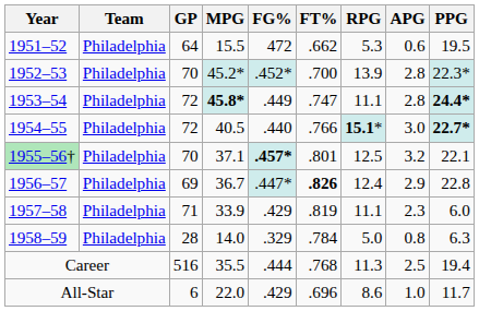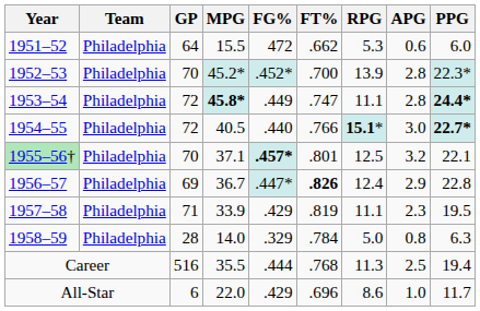 <table class="wikitable sortable" style="font-size:95%; text-align:right;">
 <tr>
 <th>Year</th>
 <th>Team</th>
 <th>GP</th>
 <th>MPG</th>
 <th>FG%</th>
 <th>FT%</th>
 <th>RPG</th>
 <th>APG</th>
 <th>PPG</th>
 </tr>
 <tr>
 <td style="text-align:left;"><a href='#'>1951–52</a></td>
 <td style="text-align:left;"><a href='#'>Philadelphia</a></td>
 <td>64</td>
 <td>15.5</td>
 <td>472</td>
 <td>.662</td>
 <td>5.3</td>
 <td>0.6</td>
-<td>19.5</td>
+<td>6.0</td>
 </tr>
 <tr>
 <td style="text-align:left;"><a href='#'>1952–53</a></td>
 <td style="text-align:left;"><a href='#'>Philadelphia</a></td>
 <td>70</td>
 <td style="background:#cfecec;">45.2*</td>
 <td style="background:#cfecec;">.452*</td>
 <td>.700</td>
 <td>13.9</td>
 <td>2.8</td>
 <td style="background:#cfecec;">22.3*</td>
 </tr>
 <tr>
 <td style="text-align:left;"><a href='#'>1953–54</a></td>
 <td style="text-align:left;"><a href='#'>Philadelphia</a></td>
 <td>72</td>
 <td style="background:#cfecec;"><strong>45.8*</strong></td>
 <td>.449</td>
 <td>.747</td>
 <td>11.1</td>
 <td>2.8</td>
 <td style="background:#cfecec;"><strong>24.4*</strong></td>
 </tr>
 <tr>
 <td style="text-align:left;"><a href='#'>1954–55</a></td>
 <td style="text-align:left;"><a href='#'>Philadelphia</a></td>
 <td>72</td>
 <td>40.5</td>
 <td>.440</td>
 <td>.766</td>
 <td style="background:#cfecec;"><strong>15.1</strong>*</td>
 <td>3.0</td>
 <td style="background:#cfecec;"><strong>22.7*</strong></td>
 </tr>
 <tr>
 <td style="text-align:left;background:#afe6ba;"><a href='#'>1955–56</a>†</td>
 <td style="text-align:left;"><a href='#'>Philadelphia</a></td>
 <td>70</td>
 <td>37.1</td>
 <td style="background:#cfecec;"><strong>.457*</strong></td>
 <td>.801</td>
 <td>12.5</td>
 <td>3.2</td>
 <td>22.1</td>
 </tr>
 <tr>
 <td style="text-align:left;"><a href='#'>1956–57</a></td>
 <td style="text-align:left;"><a href='#'>Philadelphia</a></td>
 <td>69</td>
 <td>36.7</td>
 <td style="background:#cfecec;">.447*</td>
 <td><strong>.826</strong></td>
 <td>12.4</td>
 <td>2.9</td>
 <td>22.8</td>
 </tr>
 <tr>
 <td style="text-align:left;"><a href='#'>1957–58</a></td>
 <td style="text-align:left;"><a href='#'>Philadelphia</a></td>
 <td>71</td>
 <td>33.9</td>
 <td>.429</td>
 <td>.819</td>
 <td>11.1</td>
 <td>2.3</td>
-<td>6.0</td>
+<td>19.5</td>
 </tr>
 <tr>
 <td style="text-align:left;"><a href='#'>1958–59</a></td>
 <td style="text-align:left;"><a href='#'>Philadelphia</a></td>
 <td>28</td>
 <td>14.0</td>
 <td>.329</td>
 <td>.784</td>
 <td>5.0</td>
 <td>0.8</td>
 <td>6.3</td>
 </tr>
 <tr class="sortbottom">
 <td colspan="2" style="text-align:center;">Career</td>
 <td>516</td>
 <td>35.5</td>
 <td>.444</td>
 <td>.768</td>
 <td>11.3</td>
 <td>2.5</td>
 <td>19.4</td>
 </tr>
 <tr class="sortbottom">
 <td colspan="2" style="text-align:center;">All-Star</td>
 <td>6</td>
 <td>22.0</td>
 <td>.429</td>
 <td>.696</td>
 <td>8.6</td>
 <td>1.0</td>
 <td>11.7</td>
 </tr>
 </table>
